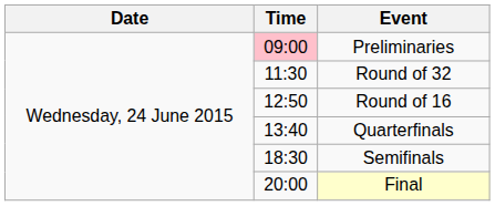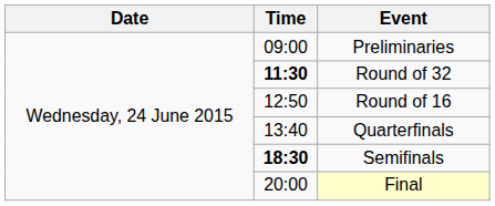 <table class = "wikitable" style="text-align:center;">
 <tr>
 <th width=220>Date</th>
 <th width=50>Time</th>
 <th width=150>Event</th>
 </tr>
 <tr>
 <td rowspan=6>Wednesday, 24 June 2015</td>
-<td style="background: pink;">09:00</td>
+<td>09:00</td>
 <td>Preliminaries</td>
 </tr>
 <tr>
-<td>11:30</td>
+<td><strong>11:30</strong></td>
 <td>Round of 32</td>
 </tr>
 <tr>
 <td>12:50</td>
 <td>Round of 16</td>
 </tr>
 <tr>
 <td>13:40</td>
 <td>Quarterfinals</td>
 </tr>
 <tr>
-<td>18:30</td>
+<td><strong>18:30</strong></td>
 <td>Semifinals</td>
 </tr>
 <tr>
 <td>20:00</td>
 <td bgcolor=ffffcc>Final</td>
 </tr>
 </table>
